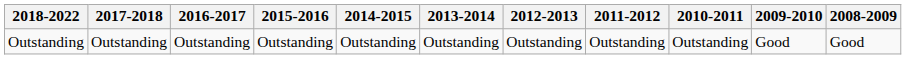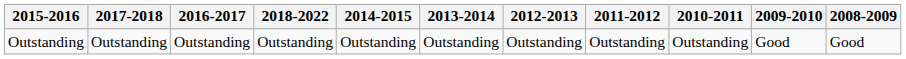 <table class="wikitable">
 <tr>
-<th>2018-2022</th>
+<th>2015-2016</th>
 <th>2017-2018</th>
 <th>2016-2017</th>
-<th>2015-2016</th>
+<th>2018-2022</th>
 <th>2014-2015</th>
 <th>2013-2014</th>
 <th>2012-2013</th>
 <th>2011-2012</th>
 <th>2010-2011</th>
 <th>2009-2010</th>
 <th>2008-2009</th>
 </tr>
 <tr>
 <td>Outstanding</td>
 <td>Outstanding</td>
 <td>Outstanding</td>
 <td>Outstanding</td>
 <td>Outstanding</td>
 <td>Outstanding</td>
 <td>Outstanding</td>
 <td>Outstanding</td>
 <td>Outstanding</td>
 <td>Good</td>
 <td>Good</td>
 </tr>
 </table>
